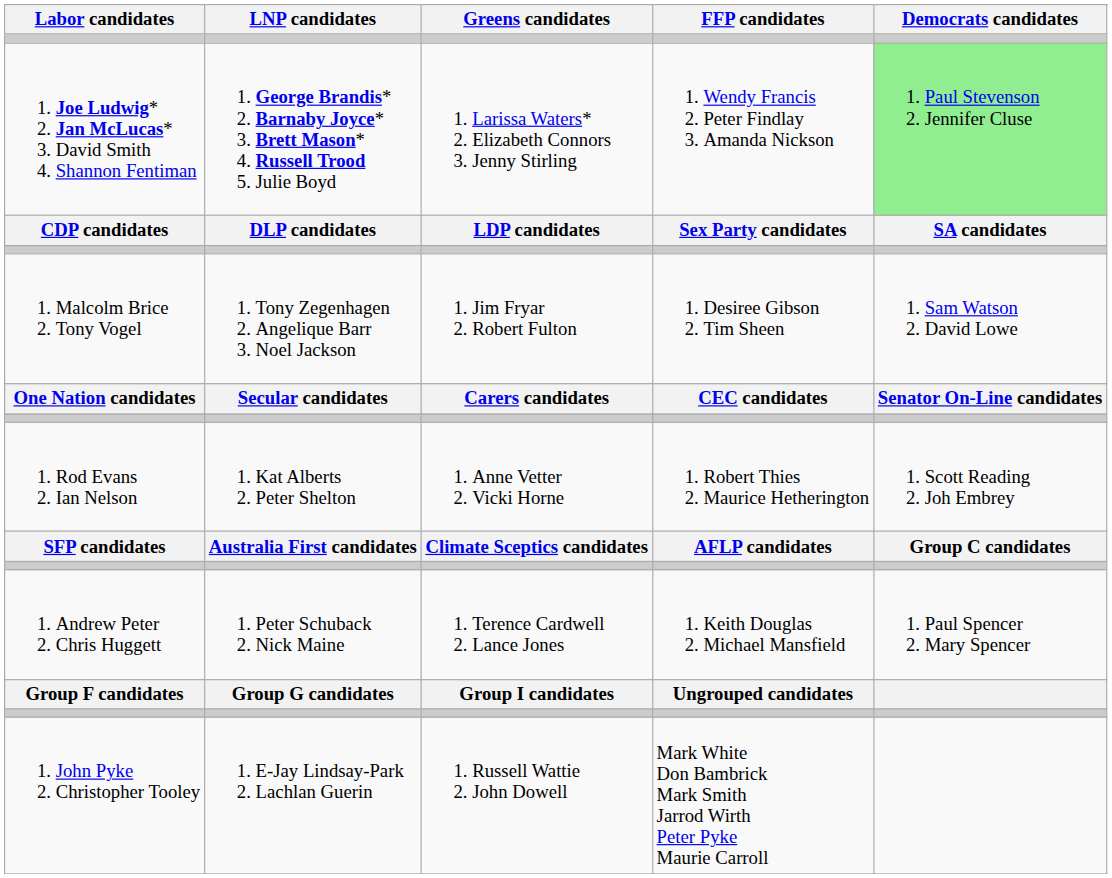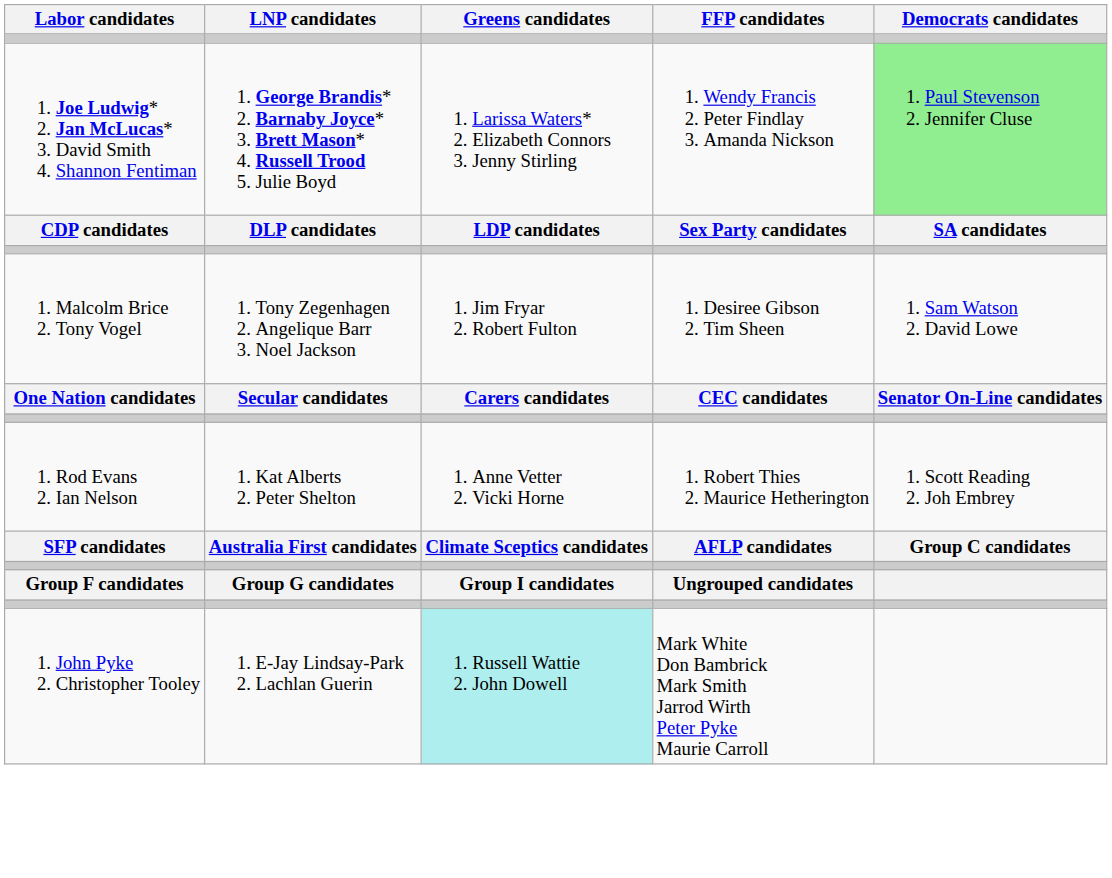 <table class="wikitable">
 <tr>
 <th><a href='#'>Labor</a> candidates</th>
 <th><a href='#'>LNP</a> candidates</th>
 <th><a href='#'>Greens</a> candidates</th>
 <th><a href='#'>FFP</a> candidates</th>
 <th><a href='#'>Democrats</a> candidates</th>
 </tr>
 <tr style="background:#ccc;">
 <td></td>
 <td></td>
 <td></td>
 <td></td>
 <td></td>
 </tr>
 <tr>
 <td><br><ol><li><strong><a href='#'>Joe Ludwig</a></strong>*</li><li><strong><a href='#'>Jan McLucas</a></strong>*</li><li>David Smith</li><li><a href='#'>Shannon Fentiman</a></li></ol></td>
 <td><br><ol><li><strong><a href='#'>George Brandis</a></strong>*</li><li><strong><a href='#'>Barnaby Joyce</a></strong>*</li><li><strong><a href='#'>Brett Mason</a></strong>*</li><li><strong><a href='#'>Russell Trood</a></strong></li><li>Julie Boyd</li></ol></td>
 <td><br><ol><li><a href='#'>Larissa Waters</a>*</li><li>Elizabeth Connors</li><li>Jenny Stirling</li></ol></td>
 <td valign=top><br><ol><li><a href='#'>Wendy Francis</a></li><li>Peter Findlay</li><li>Amanda Nickson</li></ol></td>
 <td valign=top style="background: lightgreen;"><br><ol><li><a href='#'>Paul Stevenson</a></li><li>Jennifer Cluse</li></ol></td>
 </tr>
 <tr style="background:#ccc;">
 <th><a href='#'>CDP</a> candidates</th>
 <th><a href='#'>DLP</a> candidates</th>
 <th><a href='#'>LDP</a> candidates</th>
 <th><a href='#'>Sex Party</a> candidates</th>
 <th><a href='#'>SA</a> candidates</th>
 </tr>
 <tr style="background:#ccc;">
 <td></td>
 <td></td>
 <td></td>
 <td></td>
 <td></td>
 </tr>
 <tr>
 <td valign=top><br><ol><li>Malcolm Brice</li><li>Tony Vogel</li></ol></td>
 <td valign=top><br><ol><li>Tony Zegenhagen</li><li>Angelique Barr</li><li>Noel Jackson</li></ol></td>
 <td valign=top><br><ol><li>Jim Fryar</li><li>Robert Fulton</li></ol></td>
 <td valign=top><br><ol><li>Desiree Gibson</li><li>Tim Sheen</li></ol></td>
 <td valign=top><br><ol><li><a href='#'>Sam Watson</a></li><li>David Lowe</li></ol></td>
 </tr>
 <tr style="background:#ccc;">
 <th><a href='#'>One Nation</a> candidates</th>
 <th><a href='#'>Secular</a> candidates</th>
 <th><a href='#'>Carers</a> candidates</th>
 <th><a href='#'>CEC</a> candidates</th>
 <th><a href='#'>Senator On-Line</a> candidates</th>
 </tr>
 <tr style="background:#ccc;">
 <td></td>
 <td></td>
 <td></td>
 <td></td>
 <td></td>
 </tr>
 <tr>
 <td valign=top><br><ol><li>Rod Evans</li><li>Ian Nelson</li></ol></td>
 <td valign=top><br><ol><li>Kat Alberts</li><li>Peter Shelton</li></ol></td>
 <td valign=top><br><ol><li>Anne Vetter</li><li>Vicki Horne</li></ol></td>
 <td valign=top><br><ol><li>Robert Thies</li><li>Maurice Hetherington</li></ol></td>
 <td valign=top><br><ol><li>Scott Reading</li><li>Joh Embrey</li></ol></td>
 </tr>
 <tr style="background:#ccc;">
 <th><a href='#'>SFP</a> candidates</th>
 <th><a href='#'>Australia First</a> candidates</th>
 <th><a href='#'>Climate Sceptics</a> candidates</th>
 <th><a href='#'>AFLP</a> candidates</th>
 <th>Group C candidates</th>
 </tr>
 <tr style="background:#ccc;">
 <td></td>
 <td></td>
 <td></td>
 <td></td>
 <td></td>
 </tr>
-<tr>
-<td valign=top><br><ol><li>Andrew Peter</li><li>Chris Huggett</li></ol></td>
-<td valign=top><br><ol><li>Peter Schuback</li><li>Nick Maine</li></ol></td>
-<td valign=top><br><ol><li>Terence Cardwell</li><li>Lance Jones</li></ol></td>
-<td valign=top><br><ol><li>Keith Douglas</li><li>Michael Mansfield</li></ol></td>
-<td valign=top><br><ol><li>Paul Spencer</li><li>Mary Spencer</li></ol></td>
-</tr>
 <tr style="background:#ccc;">
 <th>Group F candidates</th>
 <th>Group G candidates</th>
 <th>Group I candidates</th>
 <th>Ungrouped candidates</th>
 <th></th>
 </tr>
 <tr style="background:#ccc;">
 <td></td>
 <td></td>
 <td></td>
 <td></td>
 <td></td>
 </tr>
 <tr>
 <td valign=top><br><ol><li><a href='#'>John Pyke</a></li><li>Christopher Tooley</li></ol></td>
 <td valign=top><br><ol><li>E-Jay Lindsay-Park</li><li>Lachlan Guerin</li></ol></td>
-<td valign=top><br><ol><li>Russell Wattie</li><li>John Dowell</li></ol></td>
+<td valign=top style="background: paleturquoise;"><br><ol><li>Russell Wattie</li><li>John Dowell</li></ol></td>
 <td valign=top><br>Mark White<br> Don Bambrick<br> Mark Smith<br> Jarrod Wirth<br> <a href='#'>Peter Pyke</a><br> Maurie Carroll</td>
 </tr>
 </table>
